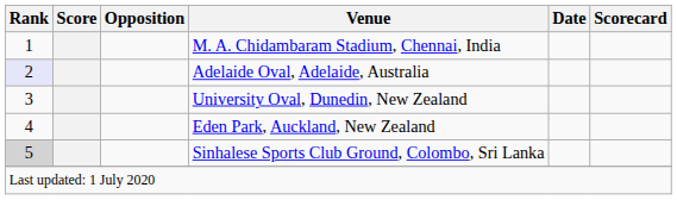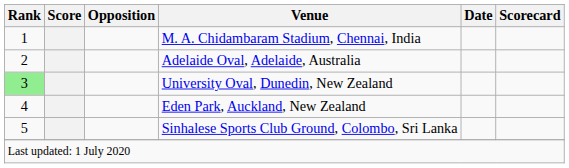 <table class="wikitable plainrowheaders sortable">
 <tr>
 <th scope=col>Rank</th>
 <th scope=col>Score</th>
 <th scope=col>Opposition</th>
 <th scope=col>Venue</th>
 <th scope=col>Date</th>
 <th scope=col>Scorecard</th>
 </tr>
 <tr>
 <td align=center>1</td>
 <th scope=row style=text-align:center;></th>
 <td></td>
 <td><a href='#'>M. A. Chidambaram Stadium</a>, <a href='#'>Chennai</a>, India</td>
 <td> </td>
 <td></td>
 </tr>
 <tr>
-<td align=center style="background: lavender;">2</td>
+<td align=center>2</td>
 <th scope=row style=text-align:center;></th>
 <td></td>
 <td><a href='#'>Adelaide Oval</a>, <a href='#'>Adelaide</a>, Australia</td>
 <td></td>
 <td></td>
 </tr>
 <tr>
-<td align=center>3</td>
+<td align=center style="background: lightgreen;">3</td>
 <th scope=row style=text-align:center;></th>
 <td></td>
 <td><a href='#'>University Oval</a>, <a href='#'>Dunedin</a>, New Zealand</td>
 <td></td>
 <td></td>
 </tr>
 <tr>
 <td align=center>4</td>
 <th scope=row style=text-align:center;></th>
 <td></td>
 <td><a href='#'>Eden Park</a>, <a href='#'>Auckland</a>, New Zealand</td>
 <td></td>
 <td></td>
 </tr>
 <tr>
-<td align=center style="background: lightgrey;">5</td>
+<td align=center>5</td>
 <th scope=row style=text-align:center;></th>
 <td></td>
 <td><a href='#'>Sinhalese Sports Club Ground</a>, <a href='#'>Colombo</a>, Sri Lanka</td>
 <td></td>
 <td></td>
 </tr>
 <tr>
 </tr>
 <tr class=sortbottom>
 <td colspan=6><small>Last updated: 1 July 2020</small></td>
 </tr>
 </table>
